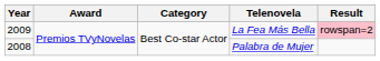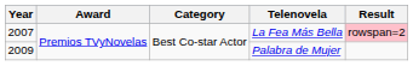 <table class="wikitable">
 <tr style="background:#b0c4de;">
 <th>Year</th>
 <th>Award</th>
 <th>Category</th>
 <th>Telenovela</th>
 <th>Result</th>
 </tr>
 <tr>
-<td>2009</td>
+<td>2007</td>
 <td rowspan=2><a href='#'>Premios TVyNovelas</a></td>
 <td rowspan=2>Best Co-star Actor</td>
 <td><em><a href='#'>La Fea Más Bella</a></em></td>
 <td style="background: pink;">rowspan=2 </td>
 </tr>
 <tr>
-<td>2008</td>
+<td>2009</td>
 <td><em><a href='#'>Palabra de Mujer</a></em></td>
 </tr>
 </table>
